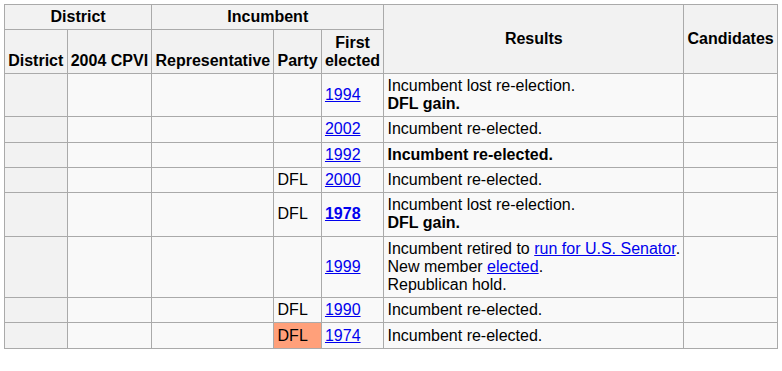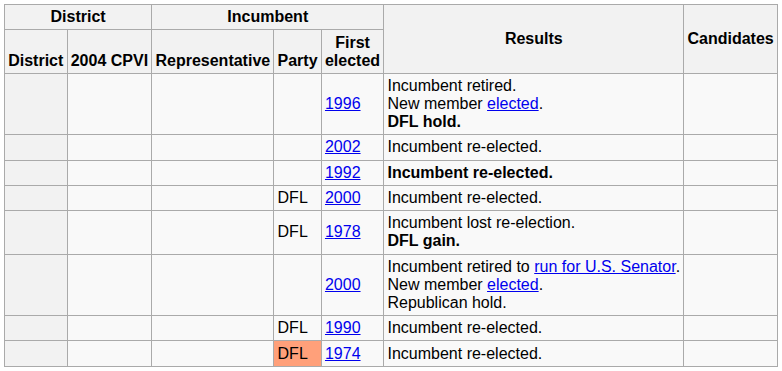 <table class="wikitable sortable">
 <tr>
 <th colspan=2>District</th>
 <th colspan=3>Incumbent</th>
 <th rowspan=2>Results</th>
 <th rowspan=2>Candidates</th>
 </tr>
 <tr valign=bottom>
 <th>District</th>
 <th>2004 CPVI</th>
 <th>Representative</th>
 <th>Party</th>
 <th>First<br>elected</th>
 </tr>
 <tr>
 <th></th>
 <td></td>
 <td></td>
 <td></td>
-<td><a href='#'>1994</a></td>
-<td>Incumbent lost re-election.<br><strong>DFL gain.</strong></td>
+<td><a href='#'>1996</a></td>
+<td>Incumbent retired.<br>New member <a href='#'>elected</a>.<br><strong>DFL hold.</strong></td>
 <td nowrap></td>
 </tr>
 <tr>
 <th></th>
 <td></td>
 <td></td>
 <td></td>
 <td><a href='#'>2002</a></td>
 <td>Incumbent re-elected.</td>
 <td nowrap></td>
 </tr>
 <tr>
 <th></th>
 <td></td>
 <td></td>
 <td></td>
 <td><a href='#'>1992</a></td>
 <td><strong>Incumbent re-elected.</strong></td>
 <td nowrap></td>
 </tr>
 <tr>
 <th></th>
 <td></td>
 <td></td>
 <td>DFL</td>
 <td><a href='#'>2000</a></td>
 <td>Incumbent re-elected.</td>
 <td nowrap></td>
 </tr>
 <tr>
 <th></th>
 <td></td>
 <td></td>
 <td>DFL</td>
-<td><strong><a href='#'>1978</a></strong></td>
+<td><a href='#'>1978</a></td>
 <td>Incumbent lost re-election.<br><strong>DFL gain.</strong></td>
 <td nowrap></td>
 </tr>
 <tr>
 <th></th>
 <td></td>
 <td></td>
 <td></td>
-<td><a href='#'>1999</a></td>
+<td><a href='#'>2000</a></td>
 <td>Incumbent retired to <a href='#'>run for U.S. Senator</a>.<br>New member <a href='#'>elected</a>.<br>Republican hold.</td>
 <td nowrap></td>
 </tr>
 <tr>
 <th></th>
 <td></td>
 <td></td>
 <td>DFL</td>
 <td><a href='#'>1990</a></td>
 <td>Incumbent re-elected.</td>
 <td nowrap></td>
 </tr>
 <tr>
 <th></th>
 <td></td>
 <td></td>
 <td style="background: lightsalmon;">DFL</td>
 <td><a href='#'>1974</a></td>
 <td>Incumbent re-elected.</td>
 <td nowrap></td>
 </tr>
 </table>
